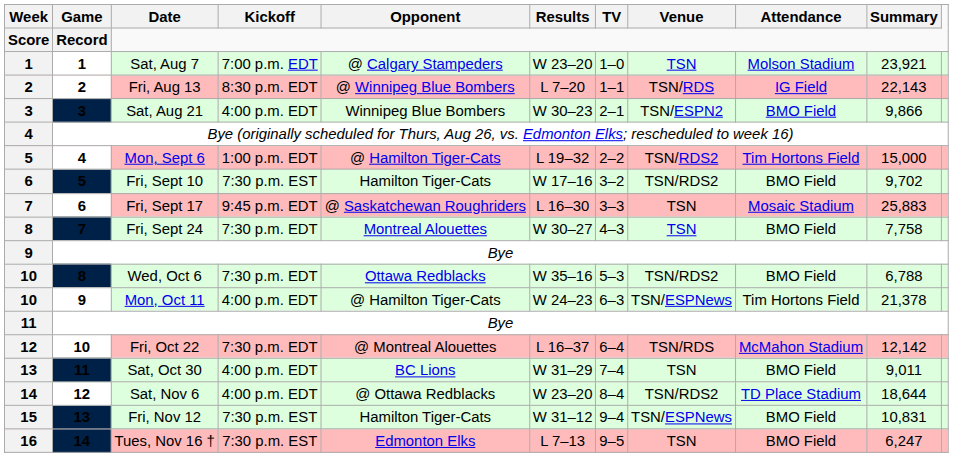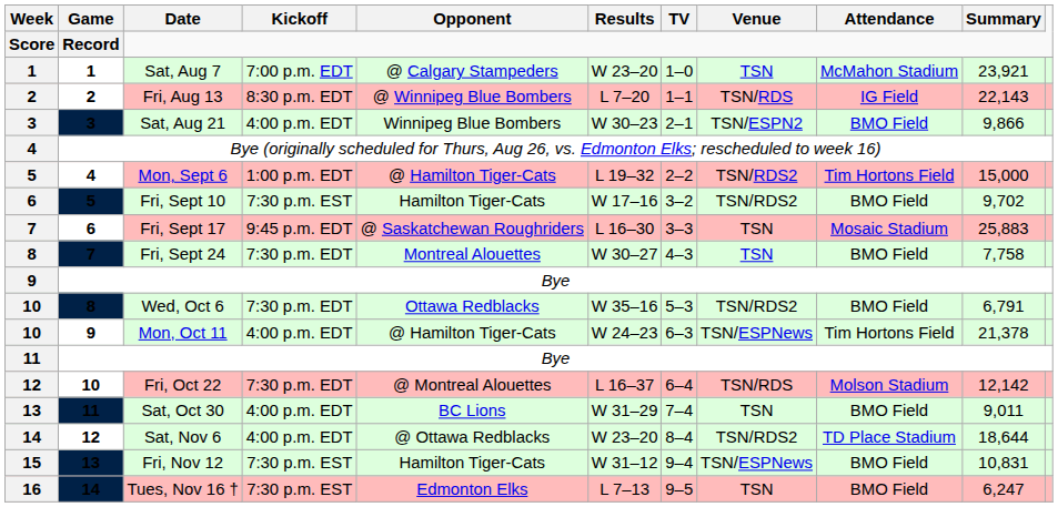 <table class="wikitable" style="font-size: 95%;">
 <tr>
 <th scope="col">Week</th>
 <th scope="col">Game</th>
 <th scope="col">Date</th>
 <th scope="col">Kickoff</th>
 <th scope="col">Opponent</th>
 <th scope="col">Results</th>
 <th scope="col">TV</th>
 <th scope="col">Venue</th>
 <th scope="col">Attendance</th>
 <th scope="col">Summary</th>
 </tr>
 <tr>
 <th scope="col">Score</th>
 <th scope="col">Record</th>
 </tr>
 <tr align="center"= bgcolor="ddffdd">
 <th align="center">1</th>
 <th style="text-align:center; background:white;"><span>1</span></th>
 <td align="center">Sat, Aug 7</td>
 <td align="center">7:00 p.m. <a href='#'>EDT</a></td>
 <td align="center">@ <a href='#'>Calgary Stampeders</a></td>
 <td align="center">W 23–20</td>
 <td align="center">1–0</td>
 <td align="center"><a href='#'>TSN</a></td>
-<td align="center"><a href='#'>Molson Stadium</a></td>
+<td align="center"><a href='#'>McMahon Stadium</a></td>
 <td align="center">23,921</td>
 <td align="center"></td>
 </tr>
 <tr align="center"= bgcolor="ffbbbb">
 <th align="center">2</th>
 <th style="text-align:center; background:white;"><span>2</span></th>
 <td align="center">Fri, Aug 13</td>
 <td align="center">8:30 p.m. EDT</td>
 <td align="center">@ <a href='#'>Winnipeg Blue Bombers</a></td>
 <td align="center">L 7–20</td>
 <td align="center">1–1</td>
 <td align="center">TSN/<a href='#'>RDS</a></td>
 <td align="center"><a href='#'>IG Field</a></td>
 <td align="center">22,143</td>
 <td align="center"></td>
 </tr>
 <tr align="center"= bgcolor="ddffdd">
 <th align="center">3</th>
 <th style="text-align:center; background:#002147;"><span>3</span></th>
 <td align="center">Sat, Aug 21</td>
 <td align="center">4:00 p.m. EDT</td>
 <td align="center">Winnipeg Blue Bombers</td>
 <td align="center">W 30–23</td>
 <td align="center">2–1</td>
 <td align="center">TSN/<a href='#'>ESPN2</a></td>
 <td align="center"><a href='#'>BMO Field</a></td>
 <td align="center">9,866</td>
 <td align="center"></td>
 </tr>
 <tr align="center"= bgcolor="ffffff">
 <th align="center">4</th>
 <td colspan=10 align="center" valign="middle"><em>Bye (originally scheduled for Thurs, Aug 26, vs. <a href='#'>Edmonton Elks</a>; rescheduled to week 16)</em></td>
 </tr>
 <tr align="center"= bgcolor="ffbbbb">
 <th align="center">5</th>
 <th style="text-align:center; background:white;"><span>4</span></th>
 <td align="center"><a href='#'>Mon, Sept 6</a></td>
 <td align="center">1:00 p.m. EDT</td>
 <td align="center">@ <a href='#'>Hamilton Tiger-Cats</a></td>
 <td align="center">L 19–32</td>
 <td align="center">2–2</td>
 <td align="center">TSN/<a href='#'>RDS2</a></td>
 <td align="center"><a href='#'>Tim Hortons Field</a></td>
 <td align="center">15,000</td>
 <td align="center"></td>
 </tr>
 <tr align="center"= bgcolor="ddffdd">
 <th align="center">6</th>
 <th style="text-align:center; background:#002147;"><span>5</span></th>
 <td align="center">Fri, Sept 10</td>
 <td align="center">7:30 p.m. EST</td>
 <td align="center">Hamilton Tiger-Cats</td>
 <td align="center">W 17–16</td>
 <td align="center">3–2</td>
 <td align="center">TSN/RDS2</td>
 <td align="center">BMO Field</td>
 <td align="center">9,702</td>
 <td align="center"></td>
 </tr>
 <tr align="center"= bgcolor="ffbbbb">
 <th align="center">7</th>
 <th style="text-align:center; background:white;"><span>6</span></th>
 <td align="center">Fri, Sept 17</td>
 <td align="center">9:45 p.m. EDT</td>
 <td align="center">@ <a href='#'>Saskatchewan Roughriders</a></td>
 <td align="center">L 16–30</td>
 <td align="center">3–3</td>
 <td align="center">TSN</td>
 <td align="center"><a href='#'>Mosaic Stadium</a></td>
 <td align="center">25,883</td>
 <td align="center"></td>
 </tr>
 <tr align="center"= bgcolor="ddffdd">
 <th align="center">8</th>
 <th style="text-align:center; background:#002147;"><span>7</span></th>
 <td align="center">Fri, Sept 24</td>
 <td align="center">7:30 p.m. EDT</td>
 <td align="center"><a href='#'>Montreal Alouettes</a></td>
 <td align="center">W 30–27</td>
 <td align="center">4–3</td>
 <td align="center"><a href='#'>TSN</a></td>
 <td align="center">BMO Field</td>
 <td align="center">7,758</td>
 <td align="center"></td>
 </tr>
 <tr align="center"= bgcolor="ffffff">
 <th align="center">9</th>
 <td colspan=10 align="center" valign="middle"><em>Bye</em></td>
 </tr>
 <tr align="center"= bgcolor="ddffdd">
 <th align="center">10</th>
 <th style="text-align:center; background:#002147;"><span>8</span></th>
 <td align="center">Wed, Oct 6</td>
 <td align="center">7:30 p.m. EDT</td>
 <td align="center"><a href='#'>Ottawa Redblacks</a></td>
 <td align="center">W 35–16</td>
 <td align="center">5–3</td>
 <td align="center">TSN/RDS2</td>
 <td align="center">BMO Field</td>
-<td align="center">6,788</td>
+<td align="center">6,791</td>
 <td align="center"></td>
 </tr>
 <tr align="center"= bgcolor="ddffdd">
 <th align="center">10</th>
 <th style="text-align:center; background:white;"><span>9</span></th>
 <td align="center"><a href='#'>Mon, Oct 11</a></td>
 <td align="center">4:00 p.m. EDT</td>
 <td align="center">@ Hamilton Tiger-Cats</td>
 <td align="center">W 24–23</td>
 <td align="center">6–3</td>
 <td align="center">TSN/<a href='#'>ESPNews</a></td>
 <td align="center">Tim Hortons Field</td>
 <td align="center">21,378</td>
 <td align="center"></td>
 </tr>
 <tr align="center"= bgcolor="ffffff">
 <th align="center">11</th>
 <td colspan=10 align="center" valign="middle"><em>Bye</em></td>
 </tr>
 <tr align="center"= bgcolor="ffbbbb">
 <th align="center">12</th>
 <th style="text-align:center; background:white;"><span>10</span></th>
 <td align="center">Fri, Oct 22</td>
 <td align="center">7:30 p.m. EDT</td>
 <td align="center">@ Montreal Alouettes</td>
 <td align="center">L 16–37</td>
 <td align="center">6–4</td>
 <td align="center">TSN/RDS</td>
-<td align="center"><a href='#'>McMahon Stadium</a></td>
+<td align="center"><a href='#'>Molson Stadium</a></td>
 <td align="center">12,142</td>
 <td align="center"></td>
 </tr>
 <tr align="center"= bgcolor="ddffdd">
 <th align="center">13</th>
 <th style="text-align:center; background:#002147;"><span>11</span></th>
 <td align="center">Sat, Oct 30</td>
 <td align="center">4:00 p.m. EDT</td>
 <td align="center"><a href='#'>BC Lions</a></td>
 <td align="center">W 31–29 </td>
 <td align="center">7–4</td>
 <td align="center">TSN</td>
 <td align="center">BMO Field</td>
 <td align="center">9,011</td>
 <td align="center"></td>
 </tr>
 <tr align="center"= bgcolor="ddffdd">
 <th align="center">14</th>
 <th style="text-align:center; background:white;"><span>12</span></th>
 <td align="center">Sat, Nov 6</td>
 <td align="center">4:00 p.m. EDT</td>
 <td align="center">@ Ottawa Redblacks</td>
 <td align="center">W 23–20</td>
 <td align="center">8–4</td>
 <td align="center">TSN/RDS2</td>
 <td align="center"><a href='#'>TD Place Stadium</a></td>
 <td align="center">18,644</td>
 <td align="center"></td>
 </tr>
 <tr align="center"= bgcolor="ddffdd">
 <th align="center">15</th>
 <th style="text-align:center; background:#002147;"><span>13</span></th>
 <td align="center">Fri, Nov 12</td>
 <td align="center">7:30 p.m. EST</td>
 <td align="center">Hamilton Tiger-Cats</td>
 <td align="center">W 31–12</td>
 <td align="center">9–4</td>
 <td align="center">TSN/<a href='#'>ESPNews</a></td>
 <td align="center">BMO Field</td>
 <td align="center">10,831</td>
 <td align="center"></td>
 </tr>
 <tr align="center"= bgcolor="ffbbbb">
 <th align="center">16</th>
 <th style="text-align:center; background:#002147;"><span>14</span></th>
 <td align="center">Tues, Nov 16 †</td>
 <td align="center">7:30 p.m. EST</td>
 <td align="center"><a href='#'>Edmonton Elks</a></td>
 <td align="center">L 7–13</td>
 <td align="center">9–5</td>
 <td align="center">TSN</td>
 <td align="center">BMO Field</td>
 <td align="center">6,247</td>
 <td align="center"></td>
 </tr>
 </table>
